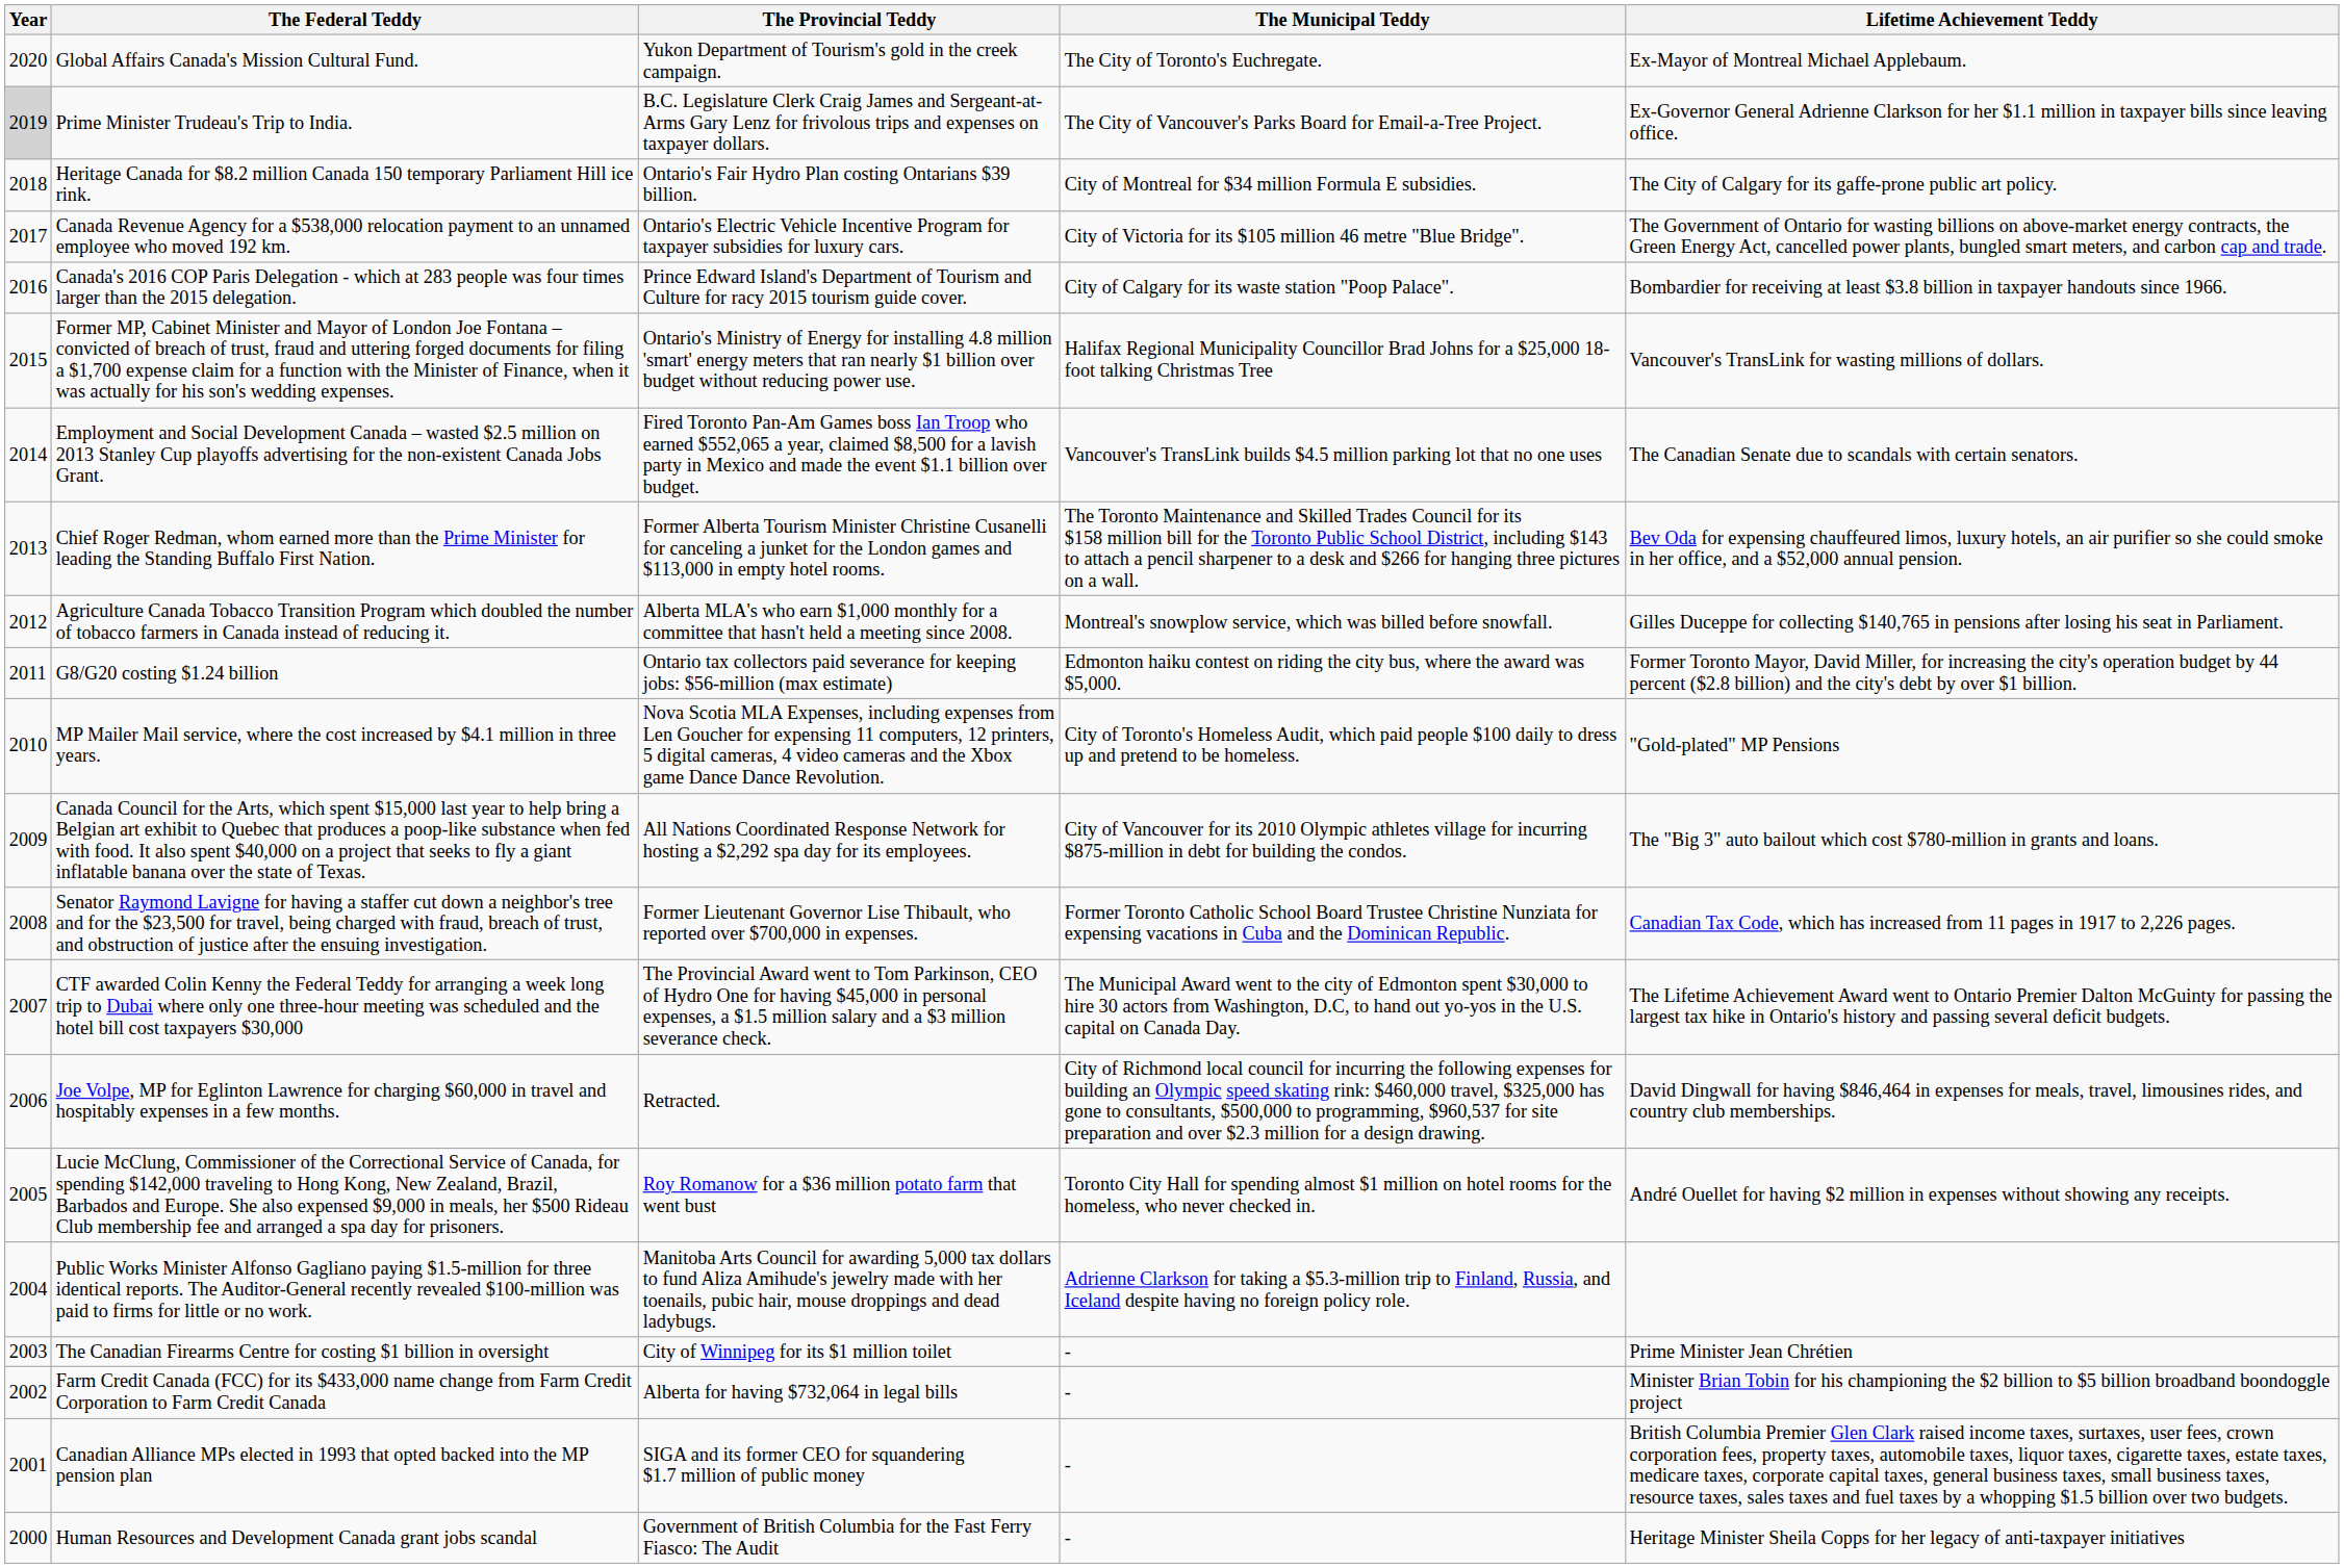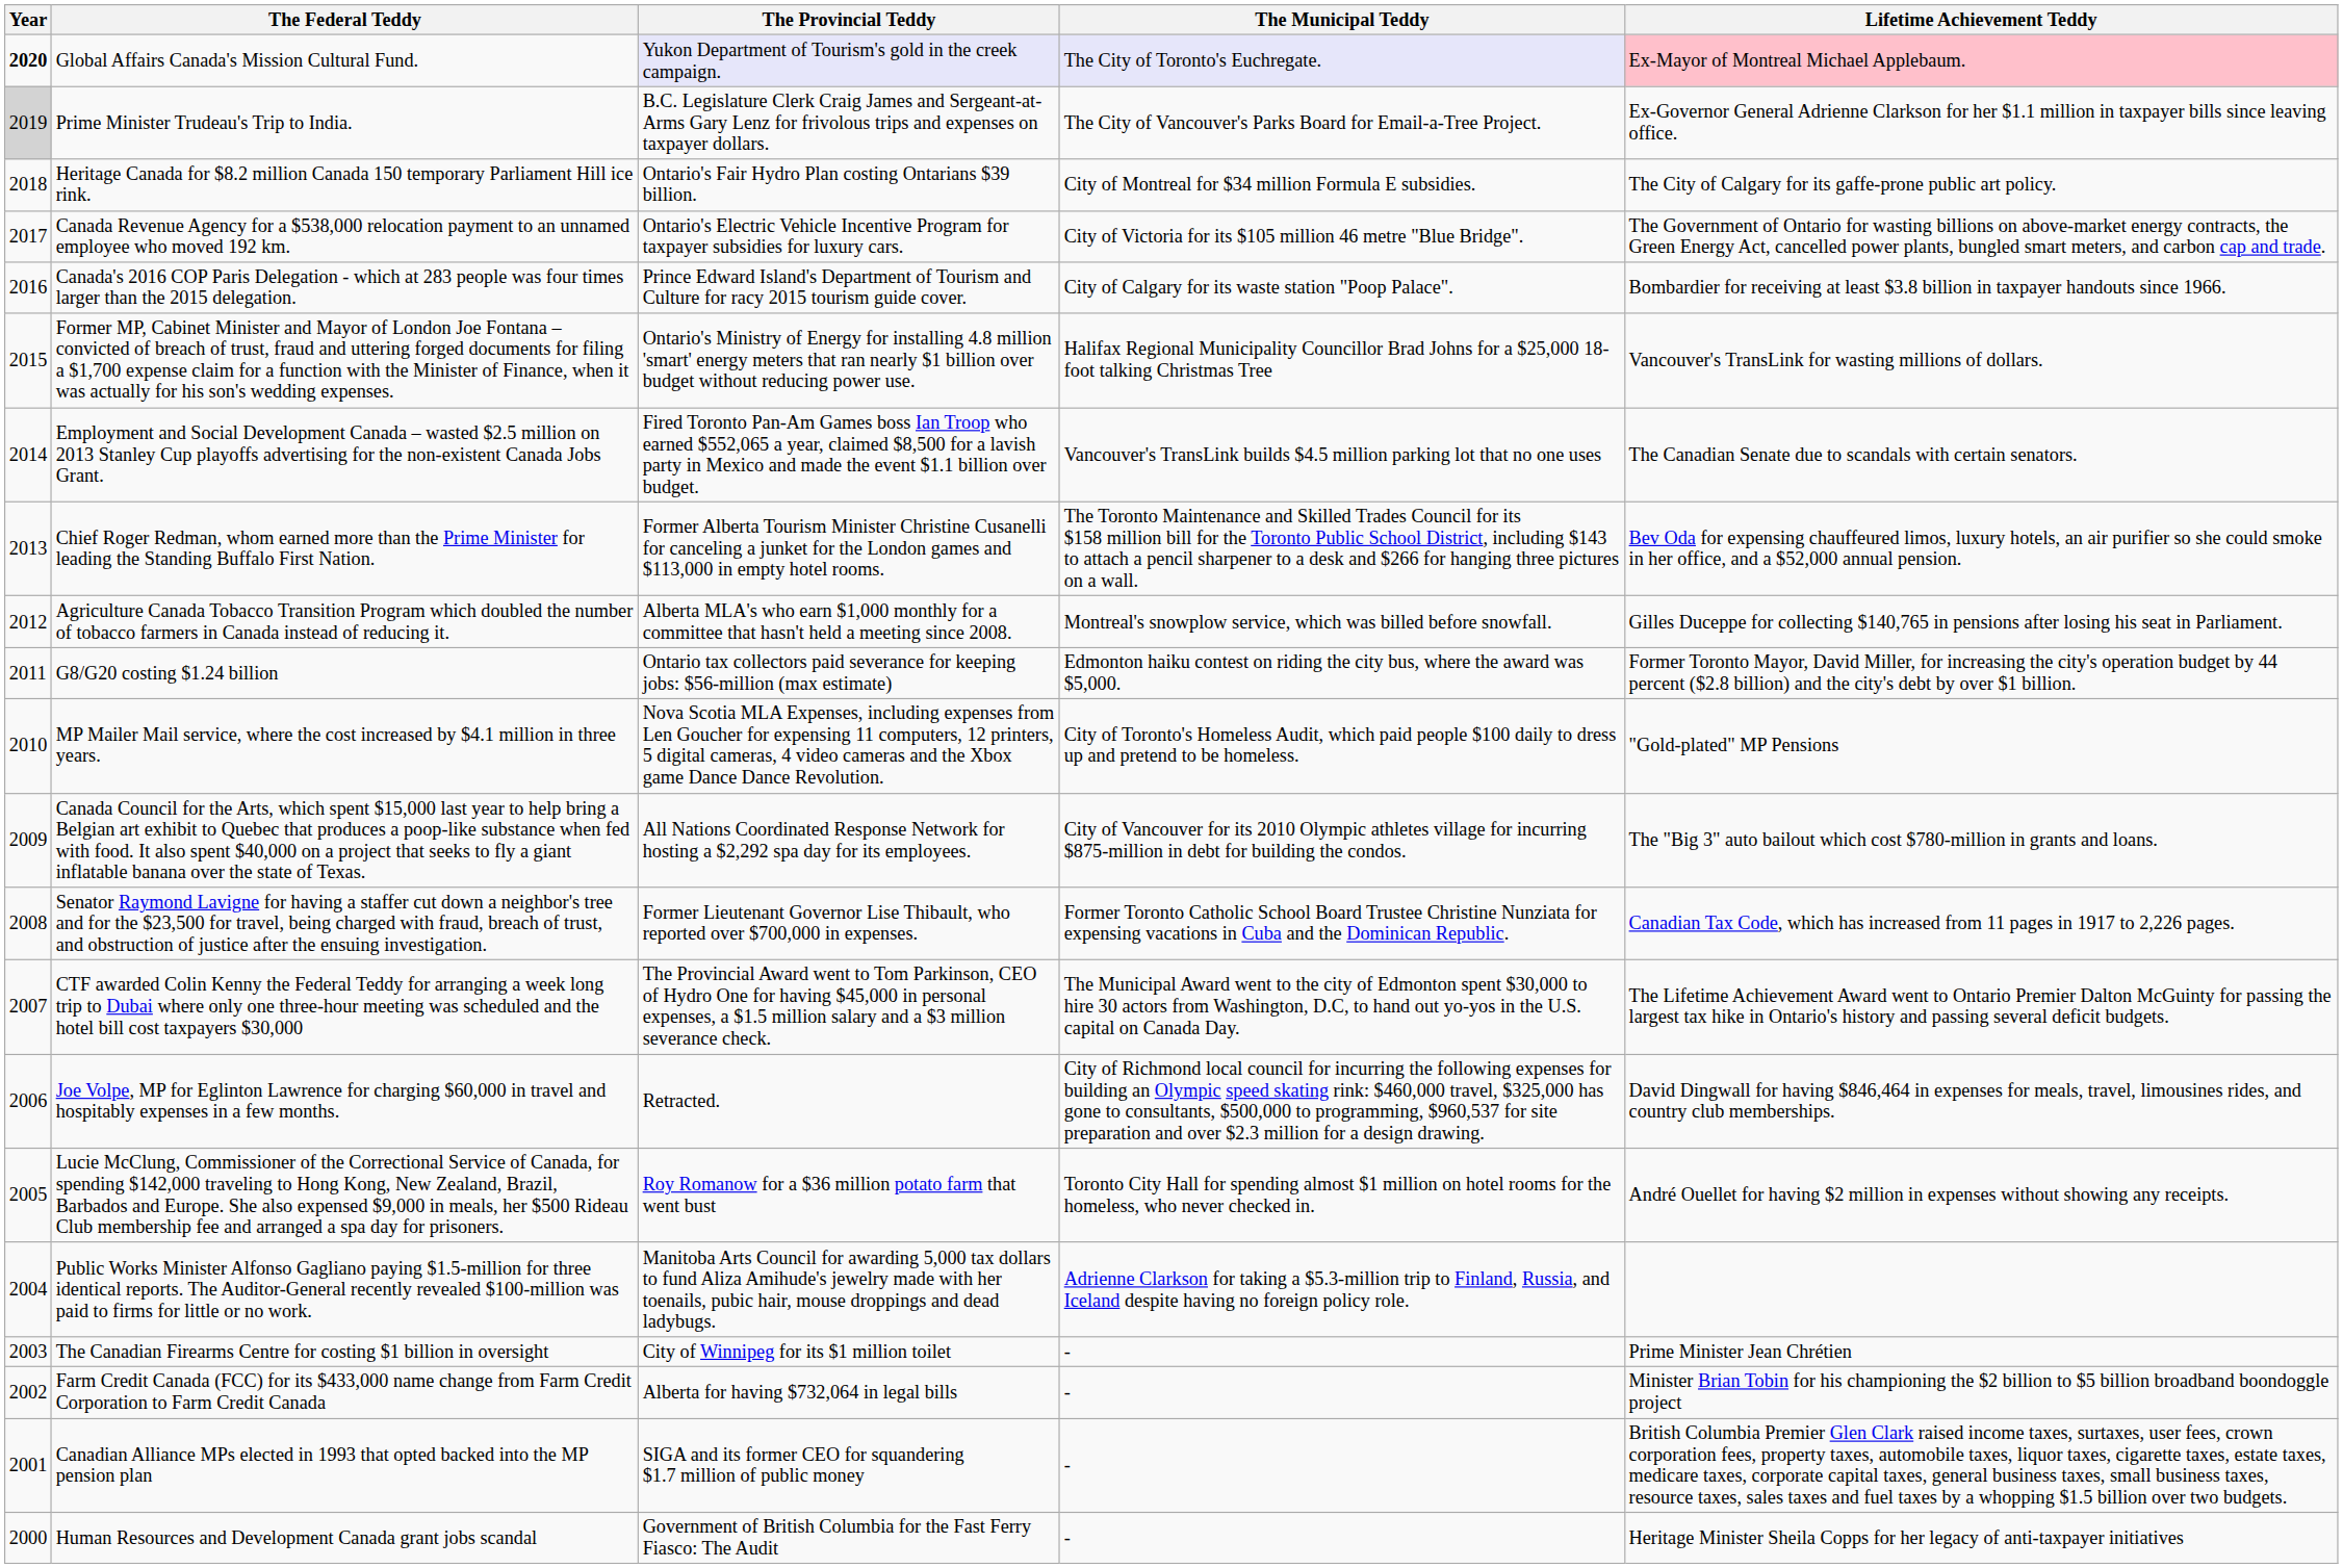 <table class=wikitable>
 <tr>
 <th>Year</th>
 <th>The Federal Teddy</th>
 <th>The Provincial Teddy</th>
 <th>The Municipal Teddy</th>
 <th>Lifetime Achievement Teddy</th>
 </tr>
 <tr>
-<td>2020</td>
+<td><strong>2020</strong></td>
 <td>Global Affairs Canada's Mission Cultural Fund.</td>
-<td>Yukon Department of Tourism's gold in the creek campaign.</td>
-<td>The City of Toronto's Euchregate.</td>
-<td>Ex-Mayor of Montreal Michael Applebaum.</td>
+<td style="background: lavender;">Yukon Department of Tourism's gold in the creek campaign.</td>
+<td style="background: lavender;">The City of Toronto's Euchregate.</td>
+<td style="background: pink;">Ex-Mayor of Montreal Michael Applebaum.</td>
 </tr>
 <tr>
 <td style="background: lightgrey;">2019</td>
 <td>Prime Minister Trudeau's Trip to India.</td>
 <td>B.C. Legislature Clerk Craig James and Sergeant-at-Arms Gary Lenz for frivolous trips and expenses on taxpayer dollars.</td>
 <td>The City of Vancouver's Parks Board for Email-a-Tree Project.</td>
 <td>Ex-Governor General Adrienne Clarkson for her $1.1 million in taxpayer bills since leaving office.</td>
 </tr>
 <tr>
 <td>2018</td>
 <td>Heritage Canada for $8.2 million Canada 150 temporary Parliament Hill ice rink.</td>
 <td>Ontario's Fair Hydro Plan costing Ontarians $39 billion.</td>
 <td>City of Montreal for $34 million Formula E subsidies.</td>
 <td>The City of Calgary for its gaffe-prone public art policy.</td>
 </tr>
 <tr>
 <td>2017</td>
 <td>Canada Revenue Agency for a $538,000 relocation payment to an unnamed employee who moved 192 km.</td>
 <td>Ontario's Electric Vehicle Incentive Program for taxpayer subsidies for luxury cars.</td>
 <td>City of Victoria for its $105 million 46 metre "Blue Bridge".</td>
 <td>The Government of Ontario for wasting billions on above-market energy contracts, the Green Energy Act, cancelled power plants, bungled smart meters, and carbon <a href='#'>cap and trade</a>.</td>
 </tr>
 <tr>
 <td>2016</td>
 <td>Canada's 2016 COP Paris Delegation - which at 283 people was four times larger than the 2015 delegation.</td>
 <td>Prince Edward Island's Department of Tourism and Culture for racy 2015 tourism guide cover.</td>
 <td>City of Calgary for its waste station "Poop Palace".</td>
 <td>Bombardier for receiving at least $3.8 billion in taxpayer handouts since 1966.</td>
 </tr>
 <tr>
 <td>2015</td>
 <td>Former MP, Cabinet Minister and Mayor of London Joe Fontana – convicted of breach of trust, fraud and uttering forged documents for filing a $1,700 expense claim for a function with the Minister of Finance, when it was actually for his son's wedding expenses.</td>
 <td>Ontario's Ministry of Energy for installing 4.8 million 'smart' energy meters that ran nearly $1 billion over budget without reducing power use.</td>
 <td>Halifax Regional Municipality Councillor Brad Johns for a $25,000 18-foot talking Christmas Tree</td>
 <td>Vancouver's TransLink for wasting millions of dollars.</td>
 </tr>
 <tr>
 <td>2014</td>
 <td>Employment and Social Development Canada  – wasted $2.5 million on 2013 Stanley Cup playoffs advertising for the non-existent Canada Jobs Grant.</td>
 <td>Fired Toronto Pan-Am Games boss <a href='#'>Ian Troop</a> who earned $552,065 a year, claimed $8,500 for a lavish party in Mexico and made the event $1.1 billion over budget.</td>
 <td>Vancouver's TransLink builds $4.5 million parking lot that no one uses</td>
 <td>The Canadian Senate due to scandals with certain senators.</td>
 </tr>
 <tr>
 <td>2013</td>
 <td>Chief Roger Redman, whom earned more than the <a href='#'>Prime Minister</a> for leading the Standing Buffalo First Nation.</td>
 <td>Former Alberta Tourism Minister Christine Cusanelli for canceling a junket for the London games and $113,000 in empty hotel rooms.</td>
 <td>The Toronto Maintenance and Skilled Trades Council for its $158 million bill for the <a href='#'>Toronto Public School District</a>, including $143 to attach a pencil sharpener to a desk and $266 for hanging three pictures on a wall.</td>
 <td><a href='#'>Bev Oda</a> for expensing chauffeured limos, luxury hotels, an air purifier so she could smoke in her office, and a $52,000 annual pension.</td>
 </tr>
 <tr>
 <td>2012</td>
 <td>Agriculture Canada Tobacco Transition Program which doubled the number of tobacco farmers in Canada instead of reducing it.</td>
 <td>Alberta MLA's who earn $1,000 monthly for a committee that hasn't held a meeting since 2008.</td>
 <td>Montreal's snowplow service, which was billed before snowfall.</td>
 <td>Gilles Duceppe for collecting $140,765 in pensions after losing his seat in Parliament.</td>
 </tr>
 <tr>
 <td>2011</td>
 <td>G8/G20 costing $1.24 billion</td>
 <td>Ontario tax collectors paid severance for keeping jobs: $56-million (max estimate)</td>
 <td>Edmonton haiku contest on riding the city bus, where the award was $5,000.</td>
 <td>Former Toronto Mayor, David Miller, for increasing the city's operation budget by 44 percent ($2.8 billion) and the city's debt by over $1 billion.</td>
 </tr>
 <tr>
 <td>2010</td>
 <td>MP Mailer Mail service, where the cost increased by $4.1 million in three years.</td>
 <td>Nova Scotia MLA Expenses, including expenses from Len Goucher for expensing 11 computers, 12 printers, 5 digital cameras, 4 video cameras and the Xbox game Dance Dance Revolution.</td>
 <td>City of Toronto's Homeless Audit, which paid people $100 daily to dress up and pretend to be homeless.</td>
 <td>"Gold-plated" MP Pensions</td>
 </tr>
 <tr>
 <td>2009</td>
 <td>Canada Council for the Arts, which spent $15,000 last year to help bring a Belgian art exhibit to Quebec that produces a poop-like substance when fed with food. It also spent $40,000 on a project that seeks to fly a giant inflatable banana over the state of Texas.</td>
 <td>All Nations Coordinated Response Network for hosting a $2,292 spa day for its employees.</td>
 <td>City of Vancouver for its 2010 Olympic athletes village for incurring $875-million in debt for building the condos.</td>
 <td>The "Big 3" auto bailout which cost $780-million in grants and loans.</td>
 </tr>
 <tr>
 <td>2008</td>
 <td>Senator <a href='#'>Raymond Lavigne</a> for having a staffer cut down a neighbor's tree and for the $23,500 for travel, being charged with fraud, breach of trust, and obstruction of justice after the ensuing investigation.</td>
 <td>Former Lieutenant Governor Lise Thibault, who reported over $700,000 in expenses.</td>
 <td>Former Toronto Catholic School Board Trustee Christine Nunziata for expensing vacations in <a href='#'>Cuba</a> and the <a href='#'>Dominican Republic</a>.</td>
 <td><a href='#'>Canadian Tax Code</a>, which has increased from 11 pages in 1917 to 2,226 pages.</td>
 </tr>
 <tr>
 <td>2007</td>
 <td>CTF awarded Colin Kenny the Federal Teddy for arranging a week long trip to <a href='#'>Dubai</a> where only one three-hour meeting was scheduled and the hotel bill cost taxpayers $30,000</td>
 <td>The Provincial Award went to Tom Parkinson, CEO of Hydro One for having $45,000 in personal expenses, a $1.5 million salary and a $3 million severance check.</td>
 <td>The Municipal Award went to the city of Edmonton spent $30,000 to hire 30 actors from Washington, D.C, to hand out yo-yos in the U.S. capital on Canada Day.</td>
 <td>The Lifetime Achievement Award went to Ontario Premier Dalton McGuinty for passing the largest tax hike in Ontario's history and passing several deficit budgets.</td>
 </tr>
 <tr>
 <td>2006</td>
 <td><a href='#'>Joe Volpe</a>, MP for Eglinton Lawrence for charging $60,000 in travel and hospitably expenses in a few months.</td>
 <td>Retracted.</td>
 <td>City of Richmond local council for incurring the following expenses for building an <a href='#'>Olympic</a> <a href='#'>speed skating</a> rink: $460,000 travel, $325,000 has gone to consultants, $500,000 to programming, $960,537 for site preparation and over $2.3 million for a design drawing.</td>
 <td>David Dingwall for having $846,464 in expenses for meals, travel, limousines rides, and country club memberships.</td>
 </tr>
 <tr>
 <td>2005</td>
 <td>Lucie McClung, Commissioner of the Correctional Service of Canada, for spending $142,000 traveling to Hong Kong, New Zealand, Brazil, Barbados and Europe. She also expensed $9,000 in meals, her $500 Rideau Club membership fee and arranged a spa day for prisoners.</td>
 <td><a href='#'>Roy Romanow</a> for a $36 million <a href='#'>potato farm</a> that went bust</td>
 <td>Toronto City Hall for spending almost $1 million on hotel rooms for the homeless, who never checked in.</td>
 <td>André Ouellet for having $2 million in expenses without showing any receipts.</td>
 </tr>
 <tr>
 <td>2004</td>
 <td>Public Works Minister Alfonso Gagliano paying $1.5-million for three identical reports. The Auditor-General recently revealed $100-million was paid to firms for little or no work.</td>
 <td>Manitoba Arts Council for awarding 5,000 tax dollars to fund Aliza Amihude's jewelry made with her toenails, pubic hair, mouse droppings and dead ladybugs.</td>
 <td><a href='#'>Adrienne Clarkson</a> for taking a $5.3-million trip to <a href='#'>Finland</a>, <a href='#'>Russia</a>, and <a href='#'>Iceland</a> despite having no foreign policy role.</td>
 </tr>
 <tr>
 <td>2003</td>
 <td>The Canadian Firearms Centre for costing $1 billion in oversight</td>
 <td>City of <a href='#'>Winnipeg</a> for its $1 million toilet</td>
 <td>-</td>
 <td>Prime Minister Jean Chrétien</td>
 </tr>
 <tr>
 <td>2002</td>
 <td>Farm Credit Canada (FCC) for its $433,000 name change from Farm Credit Corporation to Farm Credit Canada</td>
 <td>Alberta for having $732,064 in legal bills</td>
 <td>-</td>
 <td>Minister <a href='#'>Brian Tobin</a> for his championing the $2 billion to $5 billion broadband boondoggle project</td>
 </tr>
 <tr>
 <td>2001</td>
 <td>Canadian Alliance MPs elected in 1993 that opted backed into the MP pension plan</td>
 <td>SIGA and its former CEO for squandering $1.7 million of public money</td>
 <td>-</td>
 <td>British Columbia Premier <a href='#'>Glen Clark</a> raised income taxes, surtaxes, user fees, crown corporation fees, property taxes, automobile taxes, liquor taxes, cigarette taxes, estate taxes, medicare taxes, corporate capital taxes, general business taxes, small business taxes, resource taxes, sales taxes and fuel taxes by a whopping $1.5 billion over two budgets.</td>
 </tr>
 <tr>
 <td>2000</td>
 <td>Human Resources and Development Canada grant jobs scandal</td>
 <td>Government of British Columbia for the Fast Ferry Fiasco: The Audit</td>
 <td>-</td>
 <td>Heritage Minister Sheila Copps for her legacy of anti-taxpayer initiatives</td>
 </tr>
 </table>
